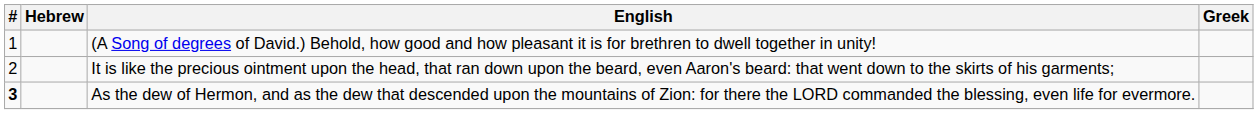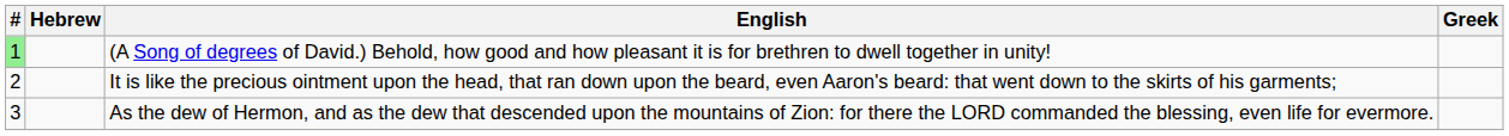 <table class=wikitable>
 <tr>
 <th>#</th>
 <th>Hebrew</th>
 <th>English</th>
 <th>Greek</th>
 </tr>
 <tr>
-<td style="text-align:right">1</td>
+<td style="background: lightgreen; text-align:right">1</td>
 <td style="text-align:right"></td>
 <td>(A <a href='#'>Song of degrees</a> of David.) Behold, how good and how pleasant it is for brethren to dwell together in unity!</td>
 <td></td>
 </tr>
 <tr>
 <td style="text-align:right">2</td>
 <td style="text-align:right"></td>
 <td>It is like the precious ointment upon the head, that ran down upon the beard, even Aaron's beard: that went down to the skirts of his garments;</td>
 <td></td>
 </tr>
 <tr>
-<td style="text-align:right"><strong>3</strong></td>
+<td style="text-align:right">3</td>
 <td style="text-align:right"></td>
 <td>As the dew of Hermon, and as the dew that descended upon the mountains of Zion: for there the LORD commanded the blessing, even life for evermore.</td>
 <td></td>
 </tr>
 <tr>
 </tr>
 </table>
